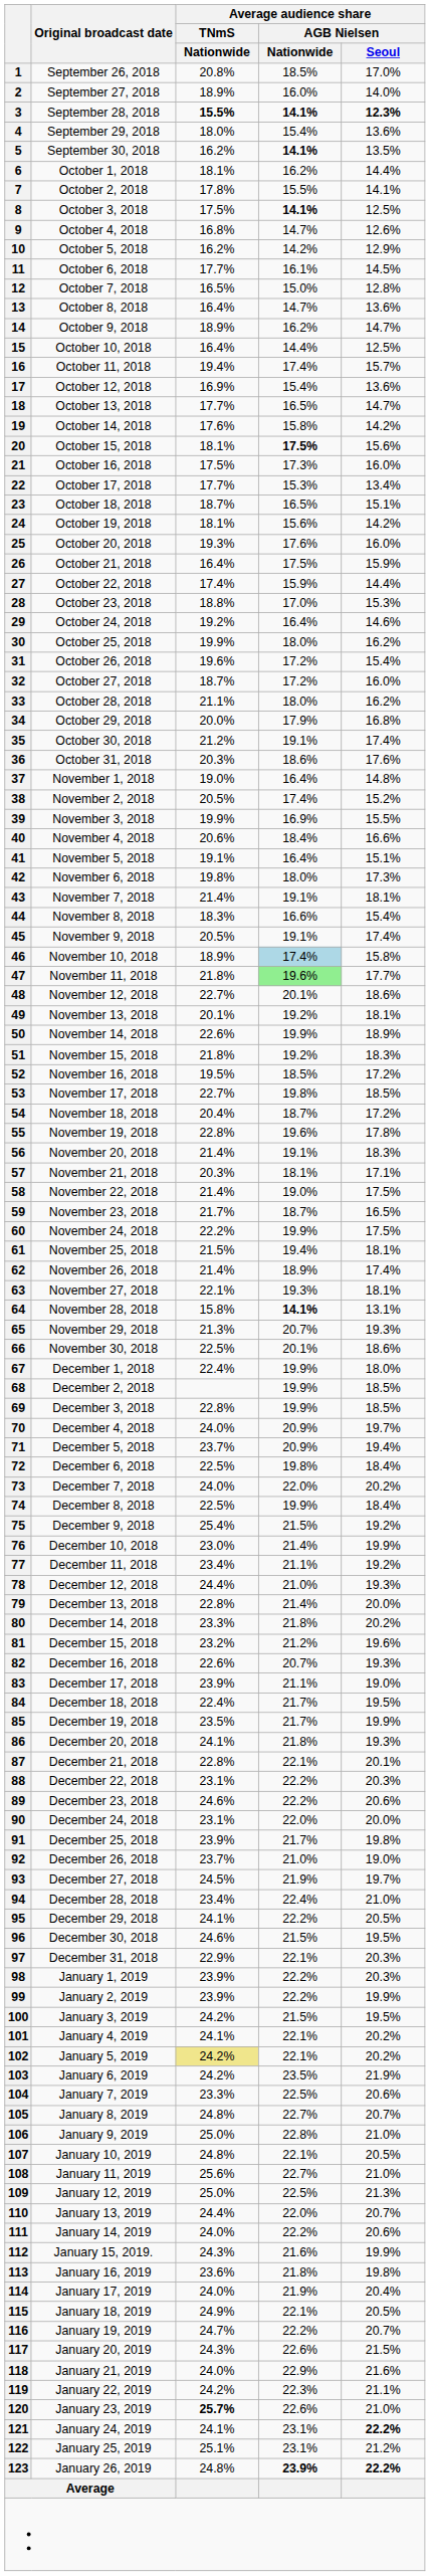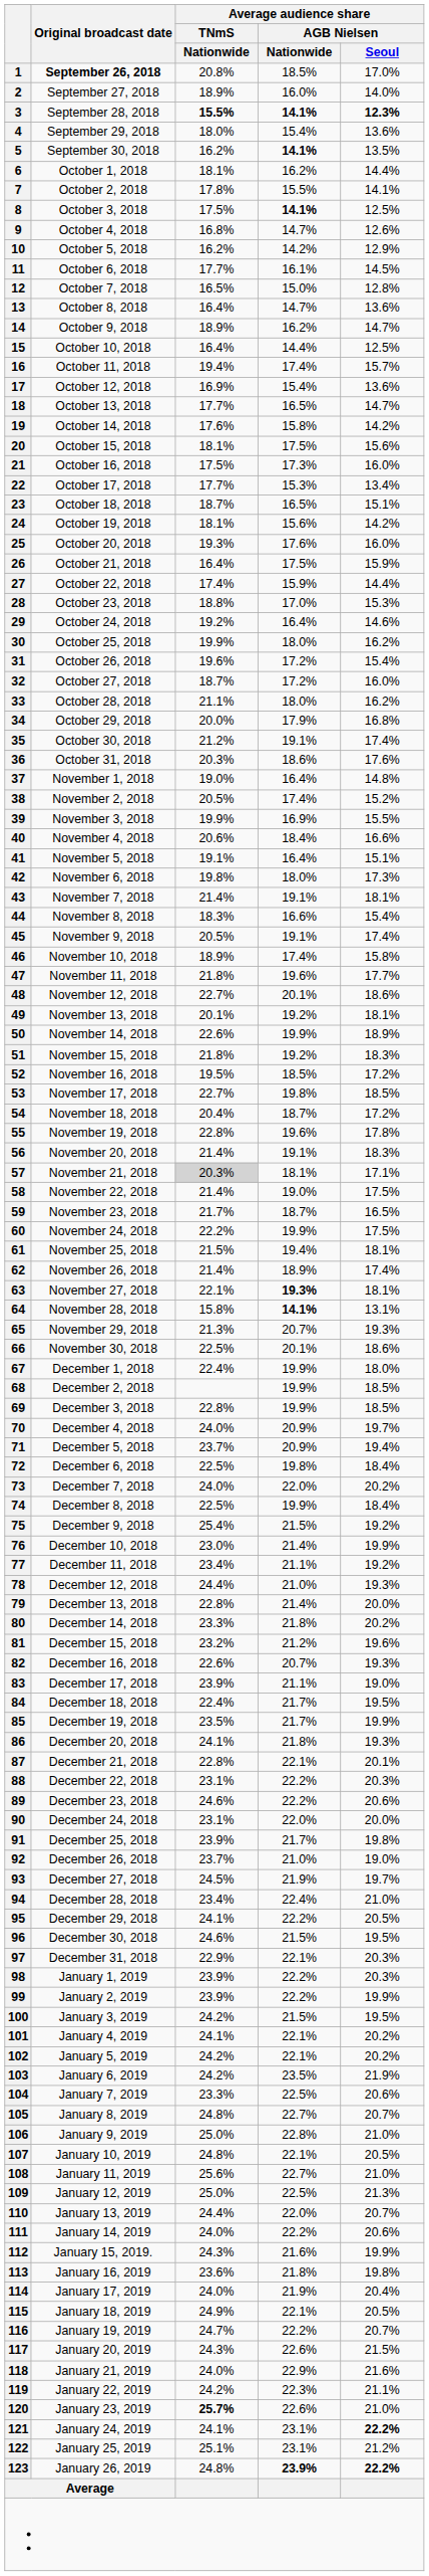 <table class="wikitable" style="text-align:center; margin-left: auto; margin-right: auto; border: none;">
 <tr>
 </tr>
 <tr>
 <th rowspan="3"></th>
 <th rowspan="3">Original broadcast date</th>
 <th colspan="3">Average audience share</th>
 </tr>
 <tr>
 <th colspan="1">TNmS</th>
 <th colspan="2">AGB Nielsen</th>
 </tr>
 <tr>
 <th width="100">Nationwide</th>
 <th width="100">Nationwide</th>
 <th width="100"><a href='#'>Seoul</a></th>
 </tr>
 <tr>
 <th>1</th>
-<td>September 26, 2018</td>
+<td><strong>September 26, 2018</strong></td>
 <td>20.8%</td>
 <td>18.5%</td>
 <td>17.0%</td>
 </tr>
 <tr>
 <th>2</th>
 <td>September 27, 2018</td>
 <td>18.9%</td>
 <td>16.0%</td>
 <td>14.0%</td>
 </tr>
 <tr>
 <th>3</th>
 <td>September 28, 2018</td>
 <td><span><strong>15.5%</strong></span></td>
 <td><span><strong>14.1%</strong></span></td>
 <td><span><strong>12.3%</strong></span></td>
 </tr>
 <tr>
 <th>4</th>
 <td>September 29, 2018</td>
 <td>18.0%</td>
 <td>15.4%</td>
 <td>13.6%</td>
 </tr>
 <tr>
 <th>5</th>
 <td>September 30, 2018</td>
 <td>16.2%</td>
 <td><span><strong>14.1%</strong></span></td>
 <td>13.5%</td>
 </tr>
 <tr>
 <th>6</th>
 <td>October 1, 2018</td>
 <td>18.1%</td>
 <td>16.2%</td>
 <td>14.4%</td>
 </tr>
 <tr>
 <th>7</th>
 <td>October 2, 2018</td>
 <td>17.8%</td>
 <td>15.5%</td>
 <td>14.1%</td>
 </tr>
 <tr>
 <th>8</th>
 <td>October 3, 2018</td>
 <td>17.5%</td>
 <td><span><strong>14.1%</strong></span></td>
 <td>12.5%</td>
 </tr>
 <tr>
 <th>9</th>
 <td>October 4, 2018</td>
 <td>16.8%</td>
 <td>14.7%</td>
 <td>12.6%</td>
 </tr>
 <tr>
 <th>10</th>
 <td>October 5, 2018</td>
 <td>16.2%</td>
 <td>14.2%</td>
 <td>12.9%</td>
 </tr>
 <tr>
 <th>11</th>
 <td>October 6, 2018</td>
 <td>17.7%</td>
 <td>16.1%</td>
 <td>14.5%</td>
 </tr>
 <tr>
 <th>12</th>
 <td>October 7, 2018</td>
 <td>16.5%</td>
 <td>15.0%</td>
 <td>12.8%</td>
 </tr>
 <tr>
 <th>13</th>
 <td>October 8, 2018</td>
 <td>16.4%</td>
 <td>14.7%</td>
 <td>13.6%</td>
 </tr>
 <tr>
 <th>14</th>
 <td>October 9, 2018</td>
 <td>18.9%</td>
 <td>16.2%</td>
 <td>14.7%</td>
 </tr>
 <tr>
 <th>15</th>
 <td>October 10, 2018</td>
 <td>16.4%</td>
 <td>14.4%</td>
 <td>12.5%</td>
 </tr>
 <tr>
 <th>16</th>
 <td>October 11, 2018</td>
 <td>19.4%</td>
 <td>17.4%</td>
 <td>15.7%</td>
 </tr>
 <tr>
 <th>17</th>
 <td>October 12, 2018</td>
 <td>16.9%</td>
 <td>15.4%</td>
 <td>13.6%</td>
 </tr>
 <tr>
 <th>18</th>
 <td>October 13, 2018</td>
 <td>17.7%</td>
 <td>16.5%</td>
 <td>14.7%</td>
 </tr>
 <tr>
 <th>19</th>
 <td>October 14, 2018</td>
 <td>17.6%</td>
 <td>15.8%</td>
 <td>14.2%</td>
 </tr>
 <tr>
 <th>20</th>
 <td>October 15, 2018</td>
 <td>18.1%</td>
-<td><strong>17.5%</strong></td>
+<td>17.5%</td>
 <td>15.6%</td>
 </tr>
 <tr>
 <th>21</th>
 <td>October 16, 2018</td>
 <td>17.5%</td>
 <td>17.3%</td>
 <td>16.0%</td>
 </tr>
 <tr>
 <th>22</th>
 <td>October 17, 2018</td>
 <td>17.7%</td>
 <td>15.3%</td>
 <td>13.4%</td>
 </tr>
 <tr>
 <th>23</th>
 <td>October 18, 2018</td>
 <td>18.7%</td>
 <td>16.5%</td>
 <td>15.1%</td>
 </tr>
 <tr>
 <th>24</th>
 <td>October 19, 2018</td>
 <td>18.1%</td>
 <td>15.6%</td>
 <td>14.2%</td>
 </tr>
 <tr>
 <th>25</th>
 <td>October 20, 2018</td>
 <td>19.3%</td>
 <td>17.6%</td>
 <td>16.0%</td>
 </tr>
 <tr>
 <th>26</th>
 <td>October 21, 2018</td>
 <td>16.4%</td>
 <td>17.5%</td>
 <td>15.9%</td>
 </tr>
 <tr>
 <th>27</th>
 <td>October 22, 2018</td>
 <td>17.4%</td>
 <td>15.9%</td>
 <td>14.4%</td>
 </tr>
 <tr>
 <th>28</th>
 <td>October 23, 2018</td>
 <td>18.8%</td>
 <td>17.0%</td>
 <td>15.3%</td>
 </tr>
 <tr>
 <th>29</th>
 <td>October 24, 2018</td>
 <td>19.2%</td>
 <td>16.4%</td>
 <td>14.6%</td>
 </tr>
 <tr>
 <th>30</th>
 <td>October 25, 2018</td>
 <td>19.9%</td>
 <td>18.0%</td>
 <td>16.2%</td>
 </tr>
 <tr>
 <th>31</th>
 <td>October 26, 2018</td>
 <td>19.6%</td>
 <td>17.2%</td>
 <td>15.4%</td>
 </tr>
 <tr>
 <th>32</th>
 <td>October 27, 2018</td>
 <td>18.7%</td>
 <td>17.2%</td>
 <td>16.0%</td>
 </tr>
 <tr>
 <th>33</th>
 <td>October 28, 2018</td>
 <td>21.1%</td>
 <td>18.0%</td>
 <td>16.2%</td>
 </tr>
 <tr>
 <th>34</th>
 <td>October 29, 2018</td>
 <td>20.0%</td>
 <td>17.9%</td>
 <td>16.8%</td>
 </tr>
 <tr>
 <th>35</th>
 <td>October 30, 2018</td>
 <td>21.2%</td>
 <td>19.1%</td>
 <td>17.4%</td>
 </tr>
 <tr>
 <th>36</th>
 <td>October 31, 2018</td>
 <td>20.3%</td>
 <td>18.6%</td>
 <td>17.6%</td>
 </tr>
 <tr>
 <th>37</th>
 <td>November 1, 2018</td>
 <td>19.0%</td>
 <td>16.4%</td>
 <td>14.8%</td>
 </tr>
 <tr>
 <th>38</th>
 <td>November 2, 2018</td>
 <td>20.5%</td>
 <td>17.4%</td>
 <td>15.2%</td>
 </tr>
 <tr>
 <th>39</th>
 <td>November 3, 2018</td>
 <td>19.9%</td>
 <td>16.9%</td>
 <td>15.5%</td>
 </tr>
 <tr>
 <th>40</th>
 <td>November 4, 2018</td>
 <td>20.6%</td>
 <td>18.4%</td>
 <td>16.6%</td>
 </tr>
 <tr>
 <th>41</th>
 <td>November 5, 2018</td>
 <td>19.1%</td>
 <td>16.4%</td>
 <td>15.1%</td>
 </tr>
 <tr>
 <th>42</th>
 <td>November 6, 2018</td>
 <td>19.8%</td>
 <td>18.0%</td>
 <td>17.3%</td>
 </tr>
 <tr>
 <th>43</th>
 <td>November 7, 2018</td>
 <td>21.4%</td>
 <td>19.1%</td>
 <td>18.1%</td>
 </tr>
 <tr>
 <th>44</th>
 <td>November 8, 2018</td>
 <td>18.3%</td>
 <td>16.6%</td>
 <td>15.4%</td>
 </tr>
 <tr>
 <th>45</th>
 <td>November 9, 2018</td>
 <td>20.5%</td>
 <td>19.1%</td>
 <td>17.4%</td>
 </tr>
 <tr>
 <th>46</th>
 <td>November 10, 2018</td>
 <td>18.9%</td>
-<td style="background: lightblue;">17.4%</td>
+<td>17.4%</td>
 <td>15.8%</td>
 </tr>
 <tr>
 <th>47</th>
 <td>November 11, 2018</td>
 <td>21.8%</td>
-<td style="background: lightgreen;">19.6%</td>
+<td>19.6%</td>
 <td>17.7%</td>
 </tr>
 <tr>
 <th>48</th>
 <td>November 12, 2018</td>
 <td>22.7%</td>
 <td>20.1%</td>
 <td>18.6%</td>
 </tr>
 <tr>
 <th>49</th>
 <td>November 13, 2018</td>
 <td>20.1%</td>
 <td>19.2%</td>
 <td>18.1%</td>
 </tr>
 <tr>
 <th>50</th>
 <td>November 14, 2018</td>
 <td>22.6%</td>
 <td>19.9%</td>
 <td>18.9%</td>
 </tr>
 <tr>
 <th>51</th>
 <td>November 15, 2018</td>
 <td>21.8%</td>
 <td>19.2%</td>
 <td>18.3%</td>
 </tr>
 <tr>
 <th>52</th>
 <td>November 16, 2018</td>
 <td>19.5%</td>
 <td>18.5%</td>
 <td>17.2%</td>
 </tr>
 <tr>
 <th>53</th>
 <td>November 17, 2018</td>
 <td>22.7%</td>
 <td>19.8%</td>
 <td>18.5%</td>
 </tr>
 <tr>
 <th>54</th>
 <td>November 18, 2018</td>
 <td>20.4%</td>
 <td>18.7%</td>
 <td>17.2%</td>
 </tr>
 <tr>
 <th>55</th>
 <td>November 19, 2018</td>
 <td>22.8%</td>
 <td>19.6%</td>
 <td>17.8%</td>
 </tr>
 <tr>
 <th>56</th>
 <td>November 20, 2018</td>
 <td>21.4%</td>
 <td>19.1%</td>
 <td>18.3%</td>
 </tr>
 <tr>
 <th>57</th>
 <td>November 21, 2018</td>
-<td>20.3%</td>
+<td style="background: lightgrey;">20.3%</td>
 <td>18.1%</td>
 <td>17.1%</td>
 </tr>
 <tr>
 <th>58</th>
 <td>November 22, 2018</td>
 <td>21.4%</td>
 <td>19.0%</td>
 <td>17.5%</td>
 </tr>
 <tr>
 <th>59</th>
 <td>November 23, 2018</td>
 <td>21.7%</td>
 <td>18.7%</td>
 <td>16.5%</td>
 </tr>
 <tr>
 <th>60</th>
 <td>November 24, 2018</td>
 <td>22.2%</td>
 <td>19.9%</td>
 <td>17.5%</td>
 </tr>
 <tr>
 <th>61</th>
 <td>November 25, 2018</td>
 <td>21.5%</td>
 <td>19.4%</td>
 <td>18.1%</td>
 </tr>
 <tr>
 <th>62</th>
 <td>November 26, 2018</td>
 <td>21.4%</td>
 <td>18.9%</td>
 <td>17.4%</td>
 </tr>
 <tr>
 <th>63</th>
 <td>November 27, 2018</td>
 <td>22.1%</td>
-<td>19.3%</td>
+<td><strong>19.3%</strong></td>
 <td>18.1%</td>
 </tr>
 <tr>
 <th>64</th>
 <td>November 28, 2018</td>
 <td>15.8%</td>
 <td><span><strong>14.1%</strong></span></td>
 <td>13.1%</td>
 </tr>
 <tr>
 <th>65</th>
 <td>November 29, 2018</td>
 <td>21.3%</td>
 <td>20.7%</td>
 <td>19.3%</td>
 </tr>
 <tr>
 <th>66</th>
 <td>November 30, 2018</td>
 <td>22.5%</td>
 <td>20.1%</td>
 <td>18.6%</td>
 </tr>
 <tr>
 <th>67</th>
 <td>December 1, 2018</td>
 <td>22.4%</td>
 <td>19.9%</td>
 <td>18.0%</td>
 </tr>
 <tr>
 <th>68</th>
 <td>December 2, 2018</td>
 <td></td>
 <td>19.9%</td>
 <td>18.5%</td>
 </tr>
 <tr>
 <th>69</th>
 <td>December 3, 2018</td>
 <td>22.8%</td>
 <td>19.9%</td>
 <td>18.5%</td>
 </tr>
 <tr>
 <th>70</th>
 <td>December 4, 2018</td>
 <td>24.0%</td>
 <td>20.9%</td>
 <td>19.7%</td>
 </tr>
 <tr>
 <th>71</th>
 <td>December 5, 2018</td>
 <td>23.7%</td>
 <td>20.9%</td>
 <td>19.4%</td>
 </tr>
 <tr>
 <th>72</th>
 <td>December 6, 2018</td>
 <td>22.5%</td>
 <td>19.8%</td>
 <td>18.4%</td>
 </tr>
 <tr>
 <th>73</th>
 <td>December 7, 2018</td>
 <td>24.0%</td>
 <td>22.0%</td>
 <td>20.2%</td>
 </tr>
 <tr>
 <th>74</th>
 <td>December 8, 2018</td>
 <td>22.5%</td>
 <td>19.9%</td>
 <td>18.4%</td>
 </tr>
 <tr>
 <th>75</th>
 <td>December 9, 2018</td>
 <td>25.4%</td>
 <td>21.5%</td>
 <td>19.2%</td>
 </tr>
 <tr>
 <th>76</th>
 <td>December 10, 2018</td>
 <td>23.0%</td>
 <td>21.4%</td>
 <td>19.9%</td>
 </tr>
 <tr>
 <th>77</th>
 <td>December 11, 2018</td>
 <td>23.4%</td>
 <td>21.1%</td>
 <td>19.2%</td>
 </tr>
 <tr>
 <th>78</th>
 <td>December 12, 2018</td>
 <td>24.4%</td>
 <td>21.0%</td>
 <td>19.3%</td>
 </tr>
 <tr>
 <th>79</th>
 <td>December 13, 2018</td>
 <td>22.8%</td>
 <td>21.4%</td>
 <td>20.0%</td>
 </tr>
 <tr>
 <th>80</th>
 <td>December 14, 2018</td>
 <td>23.3%</td>
 <td>21.8%</td>
 <td>20.2%</td>
 </tr>
 <tr>
 <th>81</th>
 <td>December 15, 2018</td>
 <td>23.2%</td>
 <td>21.2%</td>
 <td>19.6%</td>
 </tr>
 <tr>
 <th>82</th>
 <td>December 16, 2018</td>
 <td>22.6%</td>
 <td>20.7%</td>
 <td>19.3%</td>
 </tr>
 <tr>
 <th>83</th>
 <td>December 17, 2018</td>
 <td>23.9%</td>
 <td>21.1%</td>
 <td>19.0%</td>
 </tr>
 <tr>
 <th>84</th>
 <td>December 18, 2018</td>
 <td>22.4%</td>
 <td>21.7%</td>
 <td>19.5%</td>
 </tr>
 <tr>
 <th>85</th>
 <td>December 19, 2018</td>
 <td>23.5%</td>
 <td>21.7%</td>
 <td>19.9%</td>
 </tr>
 <tr>
 <th>86</th>
 <td>December 20, 2018</td>
 <td>24.1%</td>
 <td>21.8%</td>
 <td>19.3%</td>
 </tr>
 <tr>
 <th>87</th>
 <td>December 21, 2018</td>
 <td>22.8%</td>
 <td>22.1%</td>
 <td>20.1%</td>
 </tr>
 <tr>
 <th>88</th>
 <td>December 22, 2018</td>
 <td>23.1%</td>
 <td>22.2%</td>
 <td>20.3%</td>
 </tr>
 <tr>
 <th>89</th>
 <td>December 23, 2018</td>
 <td>24.6%</td>
 <td>22.2%</td>
 <td>20.6%</td>
 </tr>
 <tr>
 <th>90</th>
 <td>December 24, 2018</td>
 <td>23.1%</td>
 <td>22.0%</td>
 <td>20.0%</td>
 </tr>
 <tr>
 <th>91</th>
 <td>December 25, 2018</td>
 <td>23.9%</td>
 <td>21.7%</td>
 <td>19.8%</td>
 </tr>
 <tr>
 <th>92</th>
 <td>December 26, 2018</td>
 <td>23.7%</td>
 <td>21.0%</td>
 <td>19.0%</td>
 </tr>
 <tr>
 <th>93</th>
 <td>December 27, 2018</td>
 <td>24.5%</td>
 <td>21.9%</td>
 <td>19.7%</td>
 </tr>
 <tr>
 <th>94</th>
 <td>December 28, 2018</td>
 <td>23.4%</td>
 <td>22.4%</td>
 <td>21.0%</td>
 </tr>
 <tr>
 <th>95</th>
 <td>December 29, 2018</td>
 <td>24.1%</td>
 <td>22.2%</td>
 <td>20.5%</td>
 </tr>
 <tr>
 <th>96</th>
 <td>December 30, 2018</td>
 <td>24.6%</td>
 <td>21.5%</td>
 <td>19.5%</td>
 </tr>
 <tr>
 <th>97</th>
 <td>December 31, 2018</td>
 <td>22.9%</td>
 <td>22.1%</td>
 <td>20.3%</td>
 </tr>
 <tr>
 <th>98</th>
 <td>January 1, 2019</td>
 <td>23.9%</td>
 <td>22.2%</td>
 <td>20.3%</td>
 </tr>
 <tr>
 <th>99</th>
 <td>January 2, 2019</td>
 <td>23.9%</td>
 <td>22.2%</td>
 <td>19.9%</td>
 </tr>
 <tr>
 <th>100</th>
 <td>January 3, 2019</td>
 <td>24.2%</td>
 <td>21.5%</td>
 <td>19.5%</td>
 </tr>
 <tr>
 <th>101</th>
 <td>January 4, 2019</td>
 <td>24.1%</td>
 <td>22.1%</td>
 <td>20.2%</td>
 </tr>
 <tr>
 <th>102</th>
 <td>January 5, 2019</td>
-<td style="background: khaki;">24.2%</td>
+<td>24.2%</td>
 <td>22.1%</td>
 <td>20.2%</td>
 </tr>
 <tr>
 <th>103</th>
 <td>January 6, 2019</td>
 <td>24.2%</td>
 <td>23.5%</td>
 <td>21.9%</td>
 </tr>
 <tr>
 <th>104</th>
 <td>January 7, 2019</td>
 <td>23.3%</td>
 <td>22.5%</td>
 <td>20.6%</td>
 </tr>
 <tr>
 <th>105</th>
 <td>January 8, 2019</td>
 <td>24.8%</td>
 <td>22.7%</td>
 <td>20.7%</td>
 </tr>
 <tr>
 <th>106</th>
 <td>January 9, 2019</td>
 <td>25.0%</td>
 <td>22.8%</td>
 <td>21.0%</td>
 </tr>
 <tr>
 <th>107</th>
 <td>January 10, 2019</td>
 <td>24.8%</td>
 <td>22.1%</td>
 <td>20.5%</td>
 </tr>
 <tr>
 <th>108</th>
 <td>January 11, 2019</td>
 <td>25.6%</td>
 <td>22.7%</td>
 <td>21.0%</td>
 </tr>
 <tr>
 <th>109</th>
 <td>January 12, 2019</td>
 <td>25.0%</td>
 <td>22.5%</td>
 <td>21.3%</td>
 </tr>
 <tr>
 <th>110</th>
 <td>January 13, 2019</td>
 <td>24.4%</td>
 <td>22.0%</td>
 <td>20.7%</td>
 </tr>
 <tr>
 <th>111</th>
 <td>January 14, 2019</td>
 <td>24.0%</td>
 <td>22.2%</td>
 <td>20.6%</td>
 </tr>
 <tr>
 <th>112</th>
 <td>January 15, 2019.</td>
 <td>24.3%</td>
 <td>21.6%</td>
 <td>19.9%</td>
 </tr>
 <tr>
 <th>113</th>
 <td>January 16, 2019</td>
 <td>23.6%</td>
 <td>21.8%</td>
 <td>19.8%</td>
 </tr>
 <tr>
 <th>114</th>
 <td>January 17, 2019</td>
 <td>24.0%</td>
 <td>21.9%</td>
 <td>20.4%</td>
 </tr>
 <tr>
 <th>115</th>
 <td>January 18, 2019</td>
 <td>24.9%</td>
 <td>22.1%</td>
 <td>20.5%</td>
 </tr>
 <tr>
 <th>116</th>
 <td>January 19, 2019</td>
 <td>24.7%</td>
 <td>22.2%</td>
 <td>20.7%</td>
 </tr>
 <tr>
 <th>117</th>
 <td>January 20, 2019</td>
 <td>24.3%</td>
 <td>22.6%</td>
 <td>21.5%</td>
 </tr>
 <tr>
 <th>118</th>
 <td>January 21, 2019</td>
 <td>24.0%</td>
 <td>22.9%</td>
 <td>21.6%</td>
 </tr>
 <tr>
 <th>119</th>
 <td>January 22, 2019</td>
 <td>24.2%</td>
 <td>22.3%</td>
 <td>21.1%</td>
 </tr>
 <tr>
 <th>120</th>
 <td>January 23, 2019</td>
 <td><span><strong>25.7%</strong></span></td>
 <td>22.6%</td>
 <td>21.0%</td>
 </tr>
 <tr>
 <th>121</th>
 <td>January 24, 2019</td>
 <td>24.1%</td>
 <td>23.1%</td>
 <td><span><strong>22.2%</strong></span></td>
 </tr>
 <tr>
 <th>122</th>
 <td>January 25, 2019</td>
 <td>25.1%</td>
 <td>23.1%</td>
 <td>21.2%</td>
 </tr>
 <tr>
 <th>123</th>
 <td>January 26, 2019</td>
 <td>24.8%</td>
 <td><span><strong>23.9%</strong></span></td>
 <td><span><strong>22.2%</strong></span></td>
 </tr>
 <tr>
 <th colspan="2">Average</th>
 <th></th>
 <th></th>
 <th></th>
 </tr>
 <tr>
 <td colspan="6"><br><ul><li></li><li></li></ul></td>
 </tr>
 </table>
